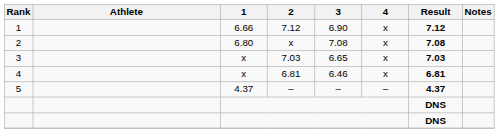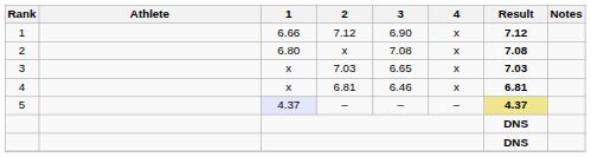 <table class="wikitable sortable" style="text-align:center">
 <tr>
 <th>Rank</th>
 <th width=300>Athlete</th>
 <th width=70>1</th>
 <th width=70>2</th>
 <th width=70>3</th>
 <th width=70>4</th>
 <th width=80>Result</th>
 <th>Notes</th>
 </tr>
 <tr>
 <td>1</td>
 <td align=left></td>
 <td>6.66</td>
 <td>7.12</td>
 <td>6.90</td>
 <td>x</td>
 <td><strong>7.12</strong></td>
 <td></td>
 </tr>
 <tr>
 <td>2</td>
 <td align=left></td>
 <td>6.80</td>
 <td>x</td>
 <td>7.08</td>
 <td>x</td>
 <td><strong>7.08</strong></td>
 <td></td>
 </tr>
 <tr>
 <td>3</td>
 <td align=left></td>
 <td>x</td>
 <td>7.03</td>
 <td>6.65</td>
 <td>x</td>
 <td><strong>7.03</strong></td>
 <td></td>
 </tr>
 <tr>
 <td>4</td>
 <td align=left></td>
 <td>x</td>
 <td>6.81</td>
 <td>6.46</td>
 <td>x</td>
 <td><strong>6.81</strong></td>
 <td></td>
 </tr>
 <tr>
 <td>5</td>
 <td align=left></td>
-<td>4.37</td>
+<td style="background: lavender;">4.37</td>
 <td>–</td>
 <td>–</td>
 <td>–</td>
-<td><strong>4.37</strong></td>
+<td style="background: khaki;"><strong>4.37</strong></td>
 <td></td>
 </tr>
 <tr>
 <td></td>
 <td align=left></td>
 <td colspan=4></td>
 <td><strong>DNS</strong></td>
 <td></td>
 </tr>
 <tr>
 <td></td>
 <td align=left></td>
 <td colspan=4></td>
 <td><strong>DNS</strong></td>
 <td></td>
 </tr>
 <tr>
 </tr>
 </table>
